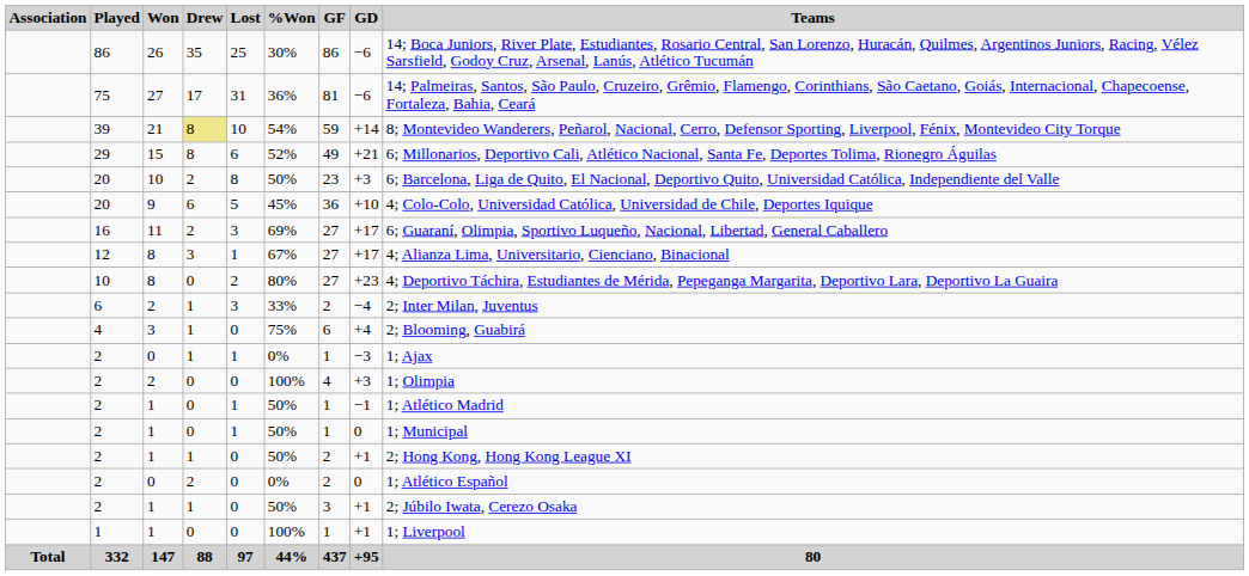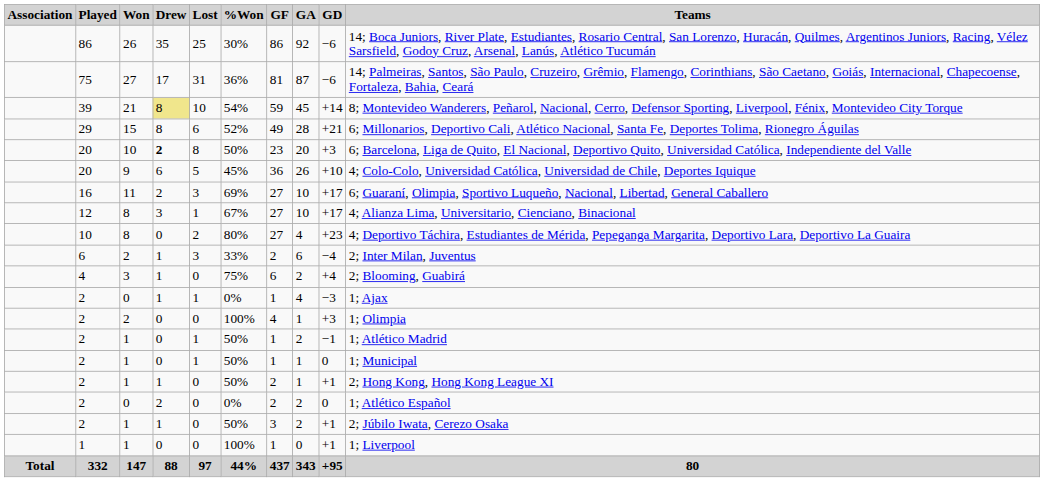 <table class="wikitable">
 <tr>
 <th style="background:lightgrey">Association</th>
 <th style="background:lightgrey">Played</th>
 <th style="background:lightgrey">Won</th>
 <th style="background:lightgrey">Drew</th>
 <th style="background:lightgrey">Lost</th>
 <th style="background:lightgrey">%Won</th>
 <th style="background:lightgrey">GF</th>
+<th style="background:lightgrey">GA</th>
 <th style="background:lightgrey">GD</th>
 <th style="background:lightgrey">Teams</th>
 </tr>
 <tr>
 <td></td>
 <td>86</td>
 <td>26</td>
 <td>35</td>
 <td>25</td>
 <td>30%</td>
 <td>86</td>
+<td>92</td>
 <td>−6</td>
 <td>14; <a href='#'>Boca Juniors</a>, <a href='#'>River Plate</a>, <a href='#'>Estudiantes</a>, <a href='#'>Rosario Central</a>, <a href='#'>San Lorenzo</a>, <a href='#'>Huracán</a>, <a href='#'>Quilmes</a>, <a href='#'>Argentinos Juniors</a>, <a href='#'>Racing</a>, <a href='#'>Vélez Sarsfield</a>, <a href='#'>Godoy Cruz</a>, <a href='#'>Arsenal</a>, <a href='#'>Lanús</a>, <a href='#'>Atlético Tucumán</a></td>
 </tr>
 <tr>
 <td></td>
 <td>75</td>
 <td>27</td>
 <td>17</td>
 <td>31</td>
 <td>36%</td>
 <td>81</td>
+<td>87</td>
 <td>−6</td>
 <td>14; <a href='#'>Palmeiras</a>, <a href='#'>Santos</a>, <a href='#'>São Paulo</a>, <a href='#'>Cruzeiro</a>, <a href='#'>Grêmio</a>, <a href='#'>Flamengo</a>, <a href='#'>Corinthians</a>,  <a href='#'>São Caetano</a>, <a href='#'>Goiás</a>, <a href='#'>Internacional</a>, <a href='#'>Chapecoense</a>, <a href='#'>Fortaleza</a>, <a href='#'>Bahia</a>, <a href='#'>Ceará</a></td>
 </tr>
 <tr>
 <td></td>
 <td>39</td>
 <td>21</td>
 <td style="background: khaki;">8</td>
 <td>10</td>
 <td>54%</td>
 <td>59</td>
+<td>45</td>
 <td>+14</td>
 <td>8; <a href='#'>Montevideo Wanderers</a>, <a href='#'>Peñarol</a>, <a href='#'>Nacional</a>, <a href='#'>Cerro</a>, <a href='#'>Defensor Sporting</a>, <a href='#'>Liverpool</a>, <a href='#'>Fénix</a>, <a href='#'>Montevideo City Torque</a></td>
 </tr>
 <tr>
 <td></td>
 <td>29</td>
 <td>15</td>
 <td>8</td>
 <td>6</td>
 <td>52%</td>
 <td>49</td>
+<td>28</td>
 <td>+21</td>
 <td>6; <a href='#'>Millonarios</a>, <a href='#'>Deportivo Cali</a>, <a href='#'>Atlético Nacional</a>, <a href='#'>Santa Fe</a>, <a href='#'>Deportes Tolima</a>, <a href='#'>Rionegro Águilas</a></td>
 </tr>
 <tr>
 <td></td>
 <td>20</td>
 <td>10</td>
-<td>2</td>
+<td><strong>2</strong></td>
 <td>8</td>
 <td>50%</td>
 <td>23</td>
+<td>20</td>
 <td>+3</td>
 <td>6; <a href='#'>Barcelona</a>, <a href='#'>Liga de Quito</a>, <a href='#'>El Nacional</a>, <a href='#'>Deportivo Quito</a>, <a href='#'>Universidad Católica</a>, <a href='#'>Independiente del Valle</a></td>
 </tr>
 <tr>
 <td></td>
 <td>20</td>
 <td>9</td>
 <td>6</td>
 <td>5</td>
 <td>45%</td>
 <td>36</td>
+<td>26</td>
 <td>+10</td>
 <td>4; <a href='#'>Colo-Colo</a>, <a href='#'>Universidad Católica</a>, <a href='#'>Universidad de Chile</a>, <a href='#'>Deportes Iquique</a></td>
 </tr>
 <tr>
 <td></td>
 <td>16</td>
 <td>11</td>
 <td>2</td>
 <td>3</td>
 <td>69%</td>
 <td>27</td>
+<td>10</td>
 <td>+17</td>
 <td>6; <a href='#'>Guaraní</a>, <a href='#'>Olimpia</a>, <a href='#'>Sportivo Luqueño</a>, <a href='#'>Nacional</a>, <a href='#'>Libertad</a>, <a href='#'>General Caballero</a></td>
 </tr>
 <tr>
 <td></td>
 <td>12</td>
 <td>8</td>
 <td>3</td>
 <td>1</td>
 <td>67%</td>
 <td>27</td>
+<td>10</td>
 <td>+17</td>
 <td>4; <a href='#'>Alianza Lima</a>, <a href='#'>Universitario</a>, <a href='#'>Cienciano</a>, <a href='#'>Binacional</a></td>
 </tr>
 <tr>
 <td></td>
 <td>10</td>
 <td>8</td>
 <td>0</td>
 <td>2</td>
 <td>80%</td>
 <td>27</td>
+<td>4</td>
 <td>+23</td>
 <td>4; <a href='#'>Deportivo Táchira</a>, <a href='#'>Estudiantes de Mérida</a>, <a href='#'>Pepeganga Margarita</a>, <a href='#'>Deportivo Lara</a>, <a href='#'>Deportivo La Guaira</a></td>
 </tr>
 <tr>
 <td></td>
 <td>6</td>
 <td>2</td>
 <td>1</td>
 <td>3</td>
 <td>33%</td>
 <td>2</td>
+<td>6</td>
 <td>−4</td>
 <td>2; <a href='#'>Inter Milan</a>, <a href='#'>Juventus</a></td>
 </tr>
 <tr>
 <td></td>
 <td>4</td>
 <td>3</td>
 <td>1</td>
 <td>0</td>
 <td>75%</td>
 <td>6</td>
+<td>2</td>
 <td>+4</td>
 <td>2; <a href='#'>Blooming</a>, <a href='#'>Guabirá</a></td>
 </tr>
 <tr>
 <td></td>
 <td>2</td>
 <td>0</td>
 <td>1</td>
 <td>1</td>
 <td>0%</td>
 <td>1</td>
+<td>4</td>
 <td>−3</td>
 <td>1; <a href='#'>Ajax</a></td>
 </tr>
 <tr>
 <td></td>
 <td>2</td>
 <td>2</td>
 <td>0</td>
 <td>0</td>
 <td>100%</td>
 <td>4</td>
+<td>1</td>
 <td>+3</td>
 <td>1; <a href='#'>Olimpia</a></td>
 </tr>
 <tr>
 <td></td>
 <td>2</td>
 <td>1</td>
 <td>0</td>
 <td>1</td>
 <td>50%</td>
 <td>1</td>
+<td>2</td>
 <td>−1</td>
 <td>1; <a href='#'>Atlético Madrid</a></td>
 </tr>
 <tr>
 <td></td>
 <td>2</td>
 <td>1</td>
 <td>0</td>
 <td>1</td>
 <td>50%</td>
+<td>1</td>
 <td>1</td>
 <td>0</td>
 <td>1; <a href='#'>Municipal</a></td>
 </tr>
 <tr>
 <td></td>
 <td>2</td>
 <td>1</td>
 <td>1</td>
 <td>0</td>
 <td>50%</td>
 <td>2</td>
+<td>1</td>
 <td>+1</td>
 <td>2; <a href='#'>Hong Kong</a>, <a href='#'>Hong Kong League XI</a></td>
 </tr>
 <tr>
 <td></td>
 <td>2</td>
 <td>0</td>
 <td>2</td>
 <td>0</td>
 <td>0%</td>
+<td>2</td>
 <td>2</td>
 <td>0</td>
 <td>1; <a href='#'>Atlético Español</a></td>
 </tr>
 <tr>
 <td></td>
 <td>2</td>
 <td>1</td>
 <td>1</td>
 <td>0</td>
 <td>50%</td>
 <td>3</td>
+<td>2</td>
 <td>+1</td>
 <td>2; <a href='#'>Júbilo Iwata</a>, <a href='#'>Cerezo Osaka</a></td>
 </tr>
 <tr>
 <td></td>
 <td>1</td>
 <td>1</td>
 <td>0</td>
 <td>0</td>
 <td>100%</td>
 <td>1</td>
+<td>0</td>
 <td>+1</td>
 <td>1; <a href='#'>Liverpool</a></td>
 </tr>
 <tr class="sortbottom">
 <th style="background:lightgrey;">Total</th>
 <th style="background:lightgrey;">332</th>
 <th style="background:lightgrey;">147</th>
 <th style="background:lightgrey;">88</th>
 <th style="background:lightgrey;">97</th>
 <th style="background:lightgrey;">44%</th>
 <th style="background:lightgrey;">437</th>
+<th style="background:lightgrey;">343</th>
 <th style="background:lightgrey;">+95</th>
 <th style="background:lightgrey;">80</th>
 </tr>
 </table>
